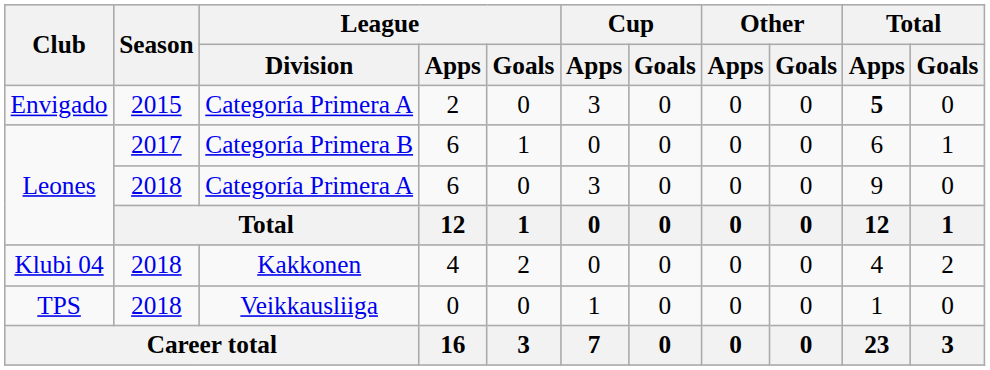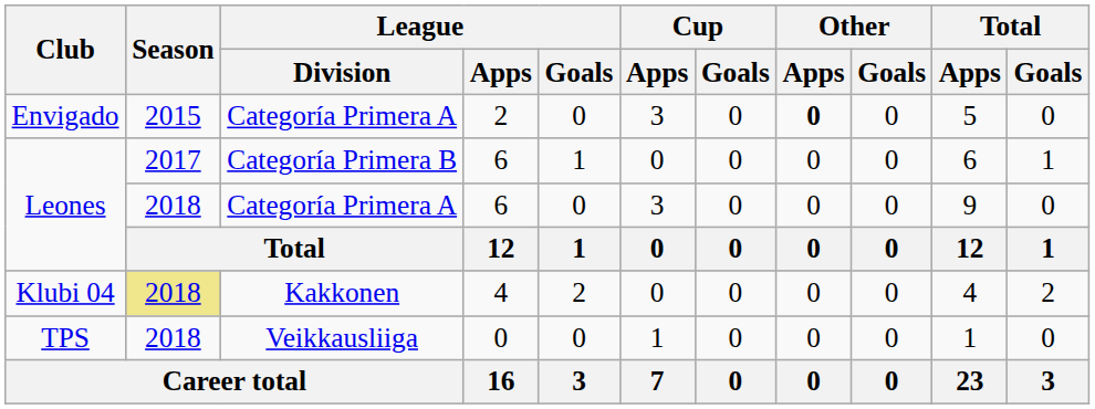 <table class="wikitable" style="text-align: center">
 <tr>
 <th rowspan="2">Club</th>
 <th rowspan="2">Season</th>
 <th colspan="3">League</th>
 <th colspan="2">Cup</th>
 <th colspan="2">Other</th>
 <th colspan="2">Total</th>
 </tr>
 <tr>
 <th>Division</th>
 <th>Apps</th>
 <th>Goals</th>
 <th>Apps</th>
 <th>Goals</th>
 <th>Apps</th>
 <th>Goals</th>
 <th>Apps</th>
 <th>Goals</th>
 </tr>
 <tr>
 <td><a href='#'>Envigado</a></td>
 <td><a href='#'>2015</a></td>
 <td><a href='#'>Categoría Primera A</a></td>
 <td>2</td>
 <td>0</td>
 <td>3</td>
 <td>0</td>
+<td><strong>0</strong></td>
 <td>0</td>
-<td>0</td>
-<td><strong>5</strong></td>
+<td>5</td>
 <td>0</td>
 </tr>
 <tr>
 <td rowspan="3"><a href='#'>Leones</a></td>
 <td><a href='#'>2017</a></td>
 <td><a href='#'>Categoría Primera B</a></td>
 <td>6</td>
 <td>1</td>
 <td>0</td>
 <td>0</td>
 <td>0</td>
 <td>0</td>
 <td>6</td>
 <td>1</td>
 </tr>
 <tr>
 <td><a href='#'>2018</a></td>
 <td><a href='#'>Categoría Primera A</a></td>
 <td>6</td>
 <td>0</td>
 <td>3</td>
 <td>0</td>
 <td>0</td>
 <td>0</td>
 <td>9</td>
 <td>0</td>
 </tr>
 <tr>
 <th colspan="2"><strong>Total</strong></th>
 <th>12</th>
 <th>1</th>
 <th>0</th>
 <th>0</th>
 <th>0</th>
 <th>0</th>
 <th>12</th>
 <th>1</th>
 </tr>
 <tr>
 <td><a href='#'>Klubi 04</a></td>
-<td><a href='#'>2018</a></td>
+<td style="background: khaki;"><a href='#'>2018</a></td>
 <td><a href='#'>Kakkonen</a></td>
 <td>4</td>
 <td>2</td>
 <td>0</td>
 <td>0</td>
 <td>0</td>
 <td>0</td>
 <td>4</td>
 <td>2</td>
 </tr>
 <tr>
 <td><a href='#'>TPS</a></td>
 <td><a href='#'>2018</a></td>
 <td><a href='#'>Veikkausliiga</a></td>
 <td>0</td>
 <td>0</td>
 <td>1</td>
 <td>0</td>
 <td>0</td>
 <td>0</td>
 <td>1</td>
 <td>0</td>
 </tr>
 <tr>
 <th colspan="3"><strong>Career total</strong></th>
 <th>16</th>
 <th>3</th>
 <th>7</th>
 <th>0</th>
 <th>0</th>
 <th>0</th>
 <th>23</th>
 <th>3</th>
 </tr>
 </table>
